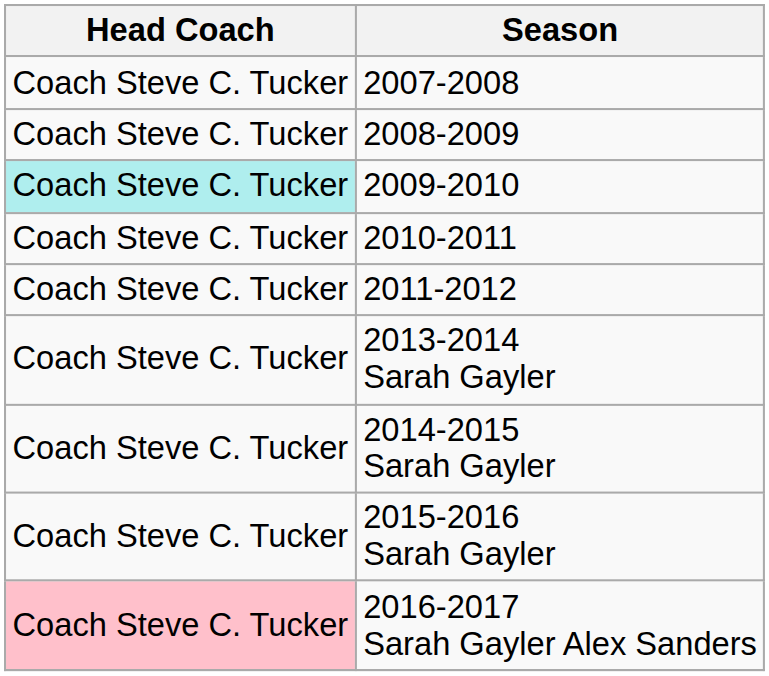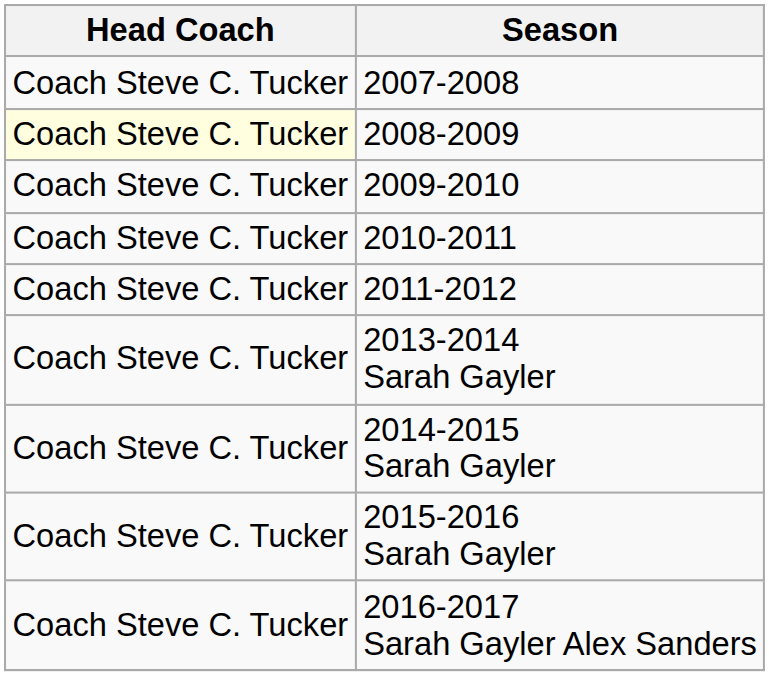 <table class="wikitable">
 <tr>
 <th>Head Coach</th>
 <th>Season</th>
 </tr>
 <tr>
 <td>Coach Steve C. Tucker</td>
 <td>2007-2008</td>
 </tr>
 <tr>
-<td>Coach Steve C. Tucker</td>
+<td style="background: lightyellow;">Coach Steve C. Tucker</td>
 <td>2008-2009</td>
 </tr>
 <tr>
-<td style="background: paleturquoise;">Coach Steve C. Tucker</td>
+<td>Coach Steve C. Tucker</td>
 <td>2009-2010</td>
 </tr>
 <tr>
 <td>Coach Steve C. Tucker</td>
 <td>2010-2011</td>
 </tr>
 <tr>
 <td>Coach Steve C. Tucker</td>
 <td>2011-2012</td>
 </tr>
 <tr>
 <td>Coach Steve C. Tucker</td>
 <td>2013-2014<br>Sarah Gayler</td>
 </tr>
 <tr>
 <td>Coach Steve C. Tucker</td>
 <td>2014-2015<br>Sarah Gayler</td>
 </tr>
 <tr>
 <td>Coach Steve C. Tucker</td>
 <td>2015-2016<br>Sarah Gayler</td>
 </tr>
 <tr>
-<td style="background: pink;">Coach Steve C. Tucker</td>
+<td>Coach Steve C. Tucker</td>
 <td>2016-2017<br>Sarah Gayler  Alex Sanders</td>
 </tr>
 <tr>
 </tr>
 </table>
